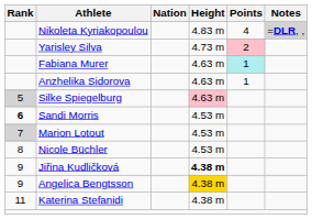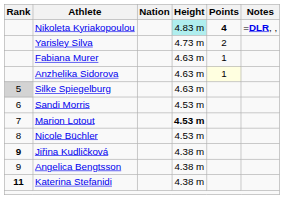 <table class="wikitable mw-datatable sortable" style="text-align:center;">
 <tr>
 <th>Rank</th>
 <th>Athlete</th>
 <th>Nation</th>
 <th>Height</th>
 <th>Points</th>
 <th>Notes</th>
 </tr>
 <tr>
 <td></td>
 <td align=left><a href='#'>Nikoleta Kyriakopoulou</a></td>
 <td align=left></td>
-<td>4.83 m</td>
-<td>4</td>
-<td style="background: lightgrey;">=<strong><a href='#'>DLR</a></strong>, <strong></strong>,  </td>
+<td style="background: paleturquoise;">4.83 m</td>
+<td><strong>4</strong></td>
+<td>=<strong><a href='#'>DLR</a></strong>, <strong></strong>,  </td>
 </tr>
 <tr>
 <td></td>
 <td align=left><a href='#'>Yarisley Silva</a></td>
 <td align=left></td>
 <td>4.73 m</td>
-<td style="background: pink;">2</td>
+<td>2</td>
 <td></td>
 </tr>
 <tr>
 <td></td>
 <td align=left><a href='#'>Fabiana Murer</a></td>
 <td align=left></td>
 <td>4.63 m</td>
-<td style="background: paleturquoise;">1</td>
+<td>1</td>
 <td></td>
 </tr>
 <tr>
 <td></td>
 <td align=left><a href='#'>Anzhelika Sidorova</a></td>
 <td align=left></td>
 <td>4.63 m</td>
-<td>1</td>
+<td style="background: lightyellow;">1</td>
 <td></td>
 </tr>
 <tr>
 <td style="background: lightgrey;">5</td>
 <td align=left><a href='#'>Silke Spiegelburg</a></td>
 <td align=left></td>
-<td style="background: pink;">4.63 m</td>
+<td>4.63 m</td>
 <td></td>
 <td></td>
 </tr>
 <tr>
-<td><strong>6</strong></td>
+<td>6</td>
 <td align=left><a href='#'>Sandi Morris</a></td>
 <td align=left></td>
 <td>4.53 m</td>
 <td></td>
 <td></td>
 </tr>
 <tr>
-<td style="background: lightgrey;">7</td>
+<td>7</td>
 <td align=left><a href='#'>Marion Lotout</a></td>
 <td align=left></td>
-<td>4.53 m</td>
+<td><strong>4.53 m</strong></td>
 <td></td>
 <td></td>
 </tr>
 <tr>
 <td>8</td>
 <td align=left><a href='#'>Nicole Büchler</a></td>
 <td align=left></td>
 <td>4.53 m</td>
 <td></td>
 <td></td>
 </tr>
 <tr>
-<td>9</td>
+<td><strong>9</strong></td>
 <td align=left><a href='#'>Jiřina Kudličková</a></td>
 <td align=left></td>
-<td><strong>4.38 m</strong></td>
+<td>4.38 m</td>
 <td></td>
 <td></td>
 </tr>
 <tr>
 <td>9</td>
 <td align=left><a href='#'>Angelica Bengtsson</a></td>
 <td align=left></td>
-<td style="background: gold;">4.38 m</td>
+<td>4.38 m</td>
 <td></td>
 <td></td>
 </tr>
 <tr>
-<td>11</td>
+<td><strong>11</strong></td>
 <td align=left><a href='#'>Katerina Stefanidi</a></td>
 <td align=left></td>
 <td>4.38 m</td>
 <td></td>
 <td></td>
 </tr>
 <tr class="sortbottom">
 <td colspan=6></td>
 </tr>
 </table>
